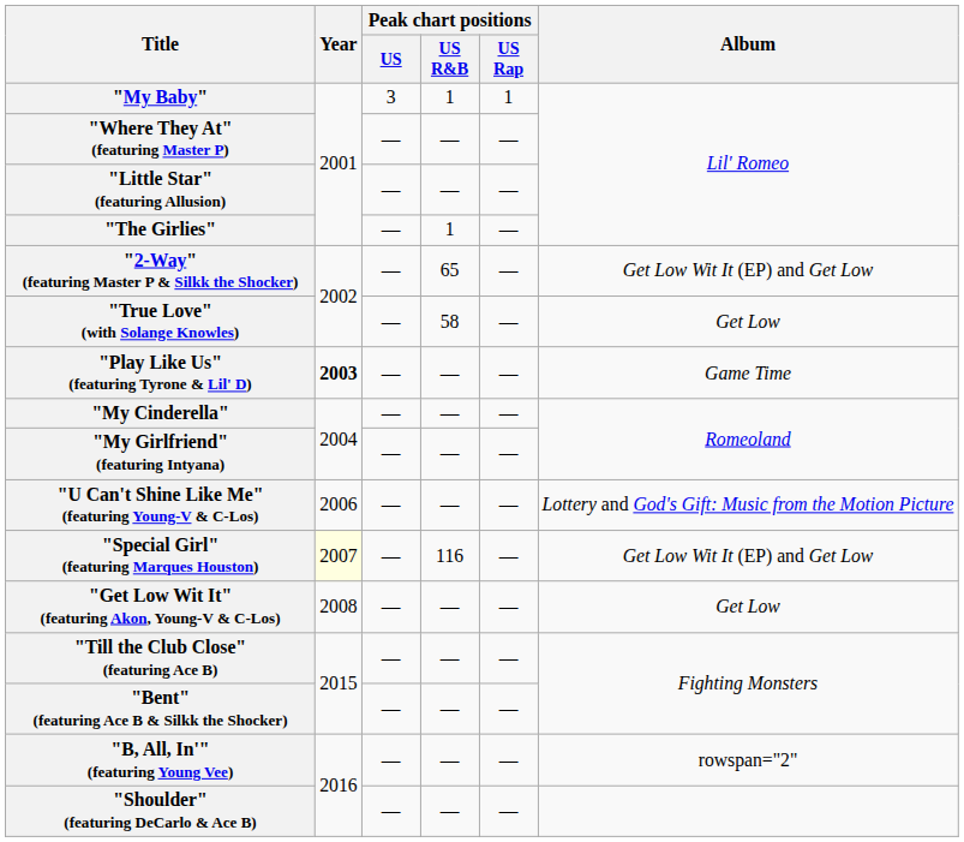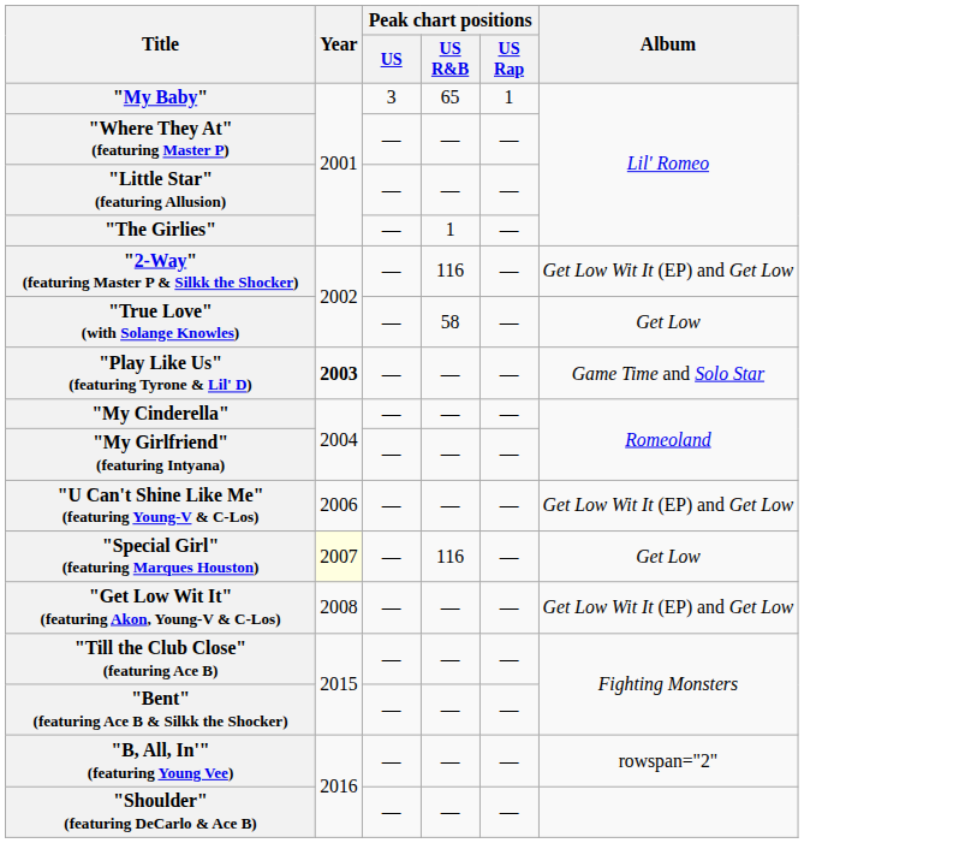 <table class="wikitable plainrowheaders" style="text-align:center;">
 <tr>
 <th scope="col" rowspan="2" style="width:16em;">Title</th>
 <th scope="col" rowspan="2">Year</th>
 <th scope="col" colspan="3">Peak chart positions</th>
 <th scope="col" rowspan="2">Album</th>
 </tr>
 <tr>
 <th style="width:3em; font-size:90%"><a href='#'>US</a><br></th>
 <th style="width:3em; font-size:90%"><a href='#'>US<br>R&B</a><br></th>
 <th style="width:3em; font-size:90%"><a href='#'>US<br>Rap</a><br></th>
 </tr>
 <tr>
 <th scope="row">"<a href='#'>My Baby</a>"</th>
 <td rowspan="4">2001</td>
 <td>3</td>
-<td>1</td>
+<td>65</td>
 <td>1</td>
 <td rowspan="4"><em><a href='#'>Lil' Romeo</a></em></td>
 </tr>
 <tr>
 <th scope="row">"Where They At"<br><small>(featuring <a href='#'>Master P</a>)</small></th>
 <td>—</td>
 <td>—</td>
 <td>—</td>
 </tr>
 <tr>
 <th scope="row">"Little Star"<br><small>(featuring Allusion)</small></th>
 <td>—</td>
 <td>—</td>
 <td>—</td>
 </tr>
 <tr>
 <th scope="row">"The Girlies"</th>
 <td>—</td>
 <td>1</td>
 <td>—</td>
 </tr>
 <tr>
 <th scope="row">"<a href='#'>2-Way</a>"<br><small>(featuring Master P & <a href='#'>Silkk the Shocker</a>)</small></th>
 <td rowspan="2">2002</td>
 <td>—</td>
-<td>65</td>
+<td>116</td>
 <td>—</td>
 <td><em>Get Low Wit It</em> (EP) and <em>Get Low</em></td>
 </tr>
 <tr>
 <th scope="row">"True Love"<br><small>(with <a href='#'>Solange Knowles</a>)</small></th>
 <td>—</td>
 <td>58</td>
 <td>—</td>
 <td><em>Get Low</em></td>
 </tr>
 <tr>
 <th scope="row">"Play Like Us"<br><small>(featuring Tyrone & <a href='#'>Lil' D</a>)</small></th>
 <td><strong>2003</strong></td>
 <td>—</td>
 <td>—</td>
 <td>—</td>
-<td><em>Game Time</em></td>
+<td><em>Game Time</em> and <em><a href='#'>Solo Star</a></em></td>
 </tr>
 <tr>
 <th scope="row">"My Cinderella"</th>
 <td rowspan="2">2004</td>
 <td>—</td>
 <td>—</td>
 <td>—</td>
 <td rowspan="2"><em><a href='#'>Romeoland</a></em></td>
 </tr>
 <tr>
 <th scope="row">"My Girlfriend"<br><small>(featuring Intyana)</small></th>
 <td>—</td>
 <td>—</td>
 <td>—</td>
 </tr>
 <tr>
 <th scope="row">"U Can't Shine Like Me"<br><small>(featuring <a href='#'>Young-V</a> & C-Los)</small></th>
 <td>2006</td>
 <td>—</td>
 <td>—</td>
 <td>—</td>
-<td><em>Lottery</em> and <em><a href='#'>God's Gift: Music from the Motion Picture</a></em></td>
+<td><em>Get Low Wit It</em> (EP) and <em>Get Low</em></td>
 </tr>
 <tr>
 <th scope="row">"Special Girl"<br><small>(featuring <a href='#'>Marques Houston</a>)</small></th>
 <td style="background: lightyellow;">2007</td>
 <td>—</td>
 <td>116</td>
 <td>—</td>
-<td><em>Get Low Wit It</em> (EP) and <em>Get Low</em></td>
+<td><em>Get Low</em></td>
 </tr>
 <tr>
 <th scope="row">"Get Low Wit It"<br><small>(featuring <a href='#'>Akon</a>, Young-V & C-Los)</small></th>
 <td>2008</td>
 <td>—</td>
 <td>—</td>
 <td>—</td>
-<td><em>Get Low</em></td>
+<td><em>Get Low Wit It</em> (EP) and <em>Get Low</em></td>
 </tr>
 <tr>
 <th scope="row">"Till the Club Close"<br><small>(featuring Ace B)</small></th>
 <td rowspan="2">2015</td>
 <td>—</td>
 <td>—</td>
 <td>—</td>
 <td rowspan="2"><em>Fighting Monsters</em></td>
 </tr>
 <tr>
 <th scope="row">"Bent"<br><small>(featuring Ace B & Silkk the Shocker)</small></th>
 <td>—</td>
 <td>—</td>
 <td>—</td>
 </tr>
 <tr>
 <th scope="row">"B, All, In'"<br><small>(featuring <a href='#'>Young Vee</a>)</small></th>
 <td rowspan="2">2016</td>
 <td>—</td>
 <td>—</td>
 <td>—</td>
 <td>rowspan="2" </td>
 </tr>
 <tr>
 <th scope="row">"Shoulder"<br><small>(featuring DeCarlo & Ace B)</small></th>
 <td>—</td>
 <td>—</td>
 <td>—</td>
 </tr>
 </table>
